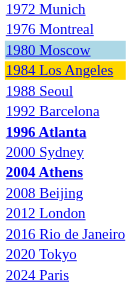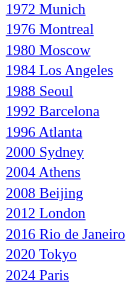 <table>
 <tr>
 <td><a href='#'>1972 Munich</a><br></td>
 <td></td>
 <td></td>
 <td></td>
 </tr>
 <tr>
 <td><a href='#'>1976 Montreal</a><br></td>
 <td></td>
 <td></td>
 <td></td>
 </tr>
 <tr>
-<td style="background: lightblue;"><a href='#'>1980 Moscow</a><br></td>
+<td><a href='#'>1980 Moscow</a><br></td>
 <td></td>
 <td></td>
 <td></td>
 </tr>
 <tr>
-<td style="background: gold;"><a href='#'>1984 Los Angeles</a><br></td>
+<td><a href='#'>1984 Los Angeles</a><br></td>
 <td></td>
 <td></td>
 <td></td>
 </tr>
 <tr>
 <td><a href='#'>1988 Seoul</a><br></td>
 <td></td>
 <td></td>
 <td></td>
 </tr>
 <tr>
 <td><a href='#'>1992 Barcelona</a><br></td>
 <td></td>
 <td></td>
 <td></td>
 </tr>
 <tr>
-<td><strong><a href='#'>1996 Atlanta</a><br></strong></td>
+<td><a href='#'>1996 Atlanta</a><br></td>
 <td></td>
 <td></td>
 <td></td>
 </tr>
 <tr>
 <td><a href='#'>2000 Sydney</a><br></td>
 <td></td>
 <td></td>
 <td></td>
 </tr>
 <tr>
-<td><strong><a href='#'>2004 Athens</a><br></strong></td>
+<td><a href='#'>2004 Athens</a><br></td>
 <td></td>
 <td></td>
 <td></td>
 </tr>
 <tr>
 <td rowspan=2><a href='#'>2008 Beijing</a><br></td>
 <td rowspan=2></td>
 <td rowspan=2></td>
 <td></td>
 </tr>
 <tr>
 <td></td>
 </tr>
 <tr>
 <td rowspan=2><a href='#'>2012 London</a><br></td>
 <td rowspan=2></td>
 <td rowspan=2></td>
 <td></td>
 </tr>
 <tr>
 <td></td>
 </tr>
 <tr>
 <td rowspan=2><a href='#'>2016 Rio de Janeiro</a><br></td>
 <td rowspan=2></td>
 <td rowspan=2></td>
 <td></td>
 </tr>
 <tr>
 <td></td>
 </tr>
 <tr>
 <td rowspan=2><a href='#'>2020 Tokyo</a><br></td>
 <td rowspan=2></td>
 <td rowspan=2></td>
 <td></td>
 </tr>
 <tr>
 <td></td>
 </tr>
 <tr>
 <td rowspan=2><a href='#'>2024 Paris</a><br></td>
 <td rowspan=2></td>
 <td rowspan=2></td>
 <td></td>
 </tr>
 <tr>
 <td></td>
 </tr>
 </table>
